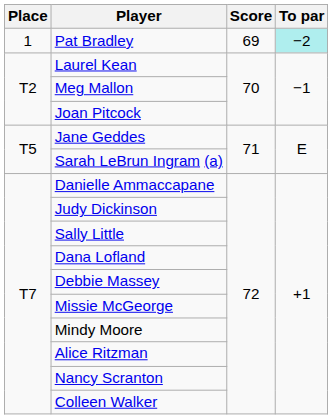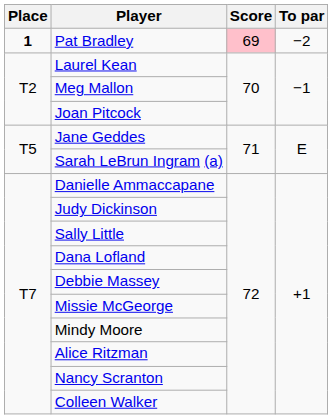 <table class="wikitable">
 <tr>
 <th>Place</th>
 <th>Player</th>
 <th>Score</th>
 <th>To par</th>
 </tr>
 <tr>
-<td align=center>1</td>
+<td align=center><strong>1</strong></td>
 <td> <a href='#'>Pat Bradley</a></td>
-<td align=center>69</td>
-<td align=center style="background: paleturquoise;">−2</td>
+<td align=center style="background: pink;">69</td>
+<td align=center>−2</td>
 </tr>
 <tr>
 <td align=center rowspan=3>T2</td>
 <td> <a href='#'>Laurel Kean</a></td>
 <td align=center rowspan=3>70</td>
 <td align=center rowspan=3>−1</td>
 </tr>
 <tr>
 <td> <a href='#'>Meg Mallon</a></td>
 </tr>
 <tr>
 <td> <a href='#'>Joan Pitcock</a></td>
 </tr>
 <tr>
 <td align=center rowspan=2>T5</td>
 <td> <a href='#'>Jane Geddes</a></td>
 <td align=center rowspan=2>71</td>
 <td align=center rowspan=2>E</td>
 </tr>
 <tr>
 <td> <a href='#'>Sarah LeBrun Ingram</a> <a href='#'>(a)</a></td>
 </tr>
 <tr>
 <td align=center rowspan=10>T7</td>
 <td> <a href='#'>Danielle Ammaccapane</a></td>
 <td align=center rowspan=10>72</td>
 <td align=center rowspan=10>+1</td>
 </tr>
 <tr>
 <td> <a href='#'>Judy Dickinson</a></td>
 </tr>
 <tr>
 <td> <a href='#'>Sally Little</a></td>
 </tr>
 <tr>
 <td> <a href='#'>Dana Lofland</a></td>
 </tr>
 <tr>
 <td> <a href='#'>Debbie Massey</a></td>
 </tr>
 <tr>
 <td> <a href='#'>Missie McGeorge</a></td>
 </tr>
 <tr>
 <td> Mindy Moore</td>
 </tr>
 <tr>
 <td> <a href='#'>Alice Ritzman</a></td>
 </tr>
 <tr>
 <td> <a href='#'>Nancy Scranton</a></td>
 </tr>
 <tr>
 <td> <a href='#'>Colleen Walker</a></td>
 </tr>
 </table>
